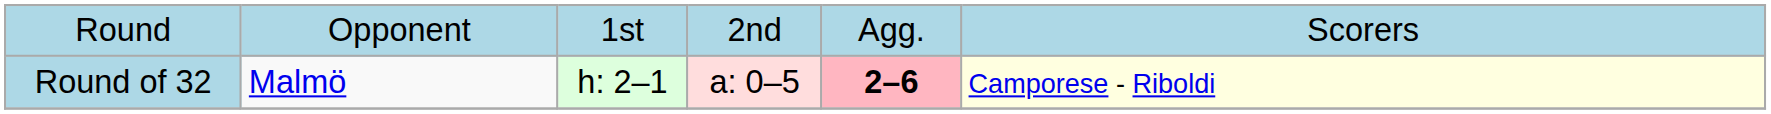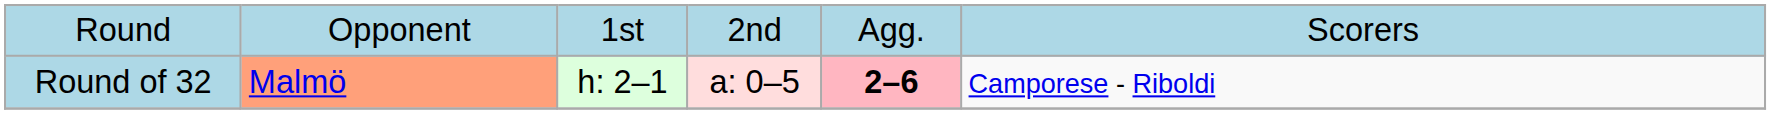 <table class="wikitable" style="text-align:center">
 <tr bgcolor=lightblue>
 <td width=150px>Round</td>
 <td width=200px>Opponent</td>
 <td width=80px>1st</td>
 <td width=80px>2nd</td>
 <td width=80px>Agg.</td>
 <td width=600px>Scorers</td>
 </tr>
 <tr>
 <td bgcolor=lightblue>Round of 32</td>
-<td align=left> <a href='#'>Malmö</a></td>
+<td align=left style="background: lightsalmon;"> <a href='#'>Malmö</a></td>
 <td bgcolor="#ddffdd">h: 2–1</td>
 <td bgcolor="#ffdddd">a: 0–5</td>
 <td bgcolor=lightpink><strong>2–6</strong></td>
-<td align=left style="background: lightyellow;"><small><a href='#'>Camporese</a> - <a href='#'>Riboldi</a></small></td>
+<td align=left><small><a href='#'>Camporese</a> - <a href='#'>Riboldi</a></small></td>
 </tr>
 <tr>
 </tr>
 </table>
